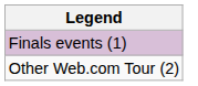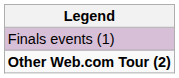 <table class="wikitable" style="font-size:95%;">
 <tr>
 <th>Legend</th>
 </tr>
 <tr style="background:#D8BFD8;">
 <td>Finals events (1)</td>
 </tr>
 <tr>
-<td>Other Web.com Tour (2)</td>
+<td><strong>Other Web.com Tour (2)</strong></td>
 </tr>
 </table>
